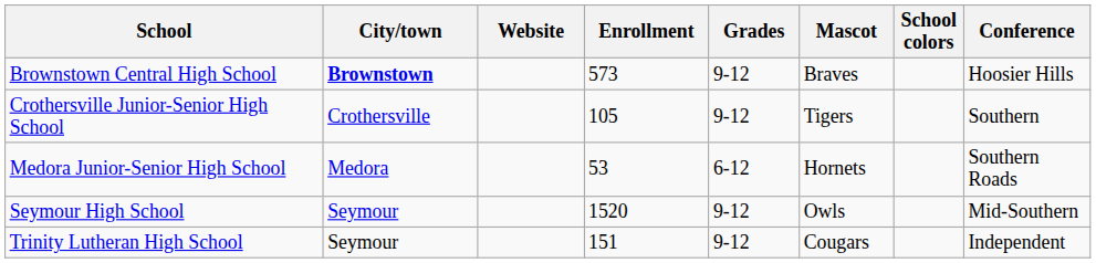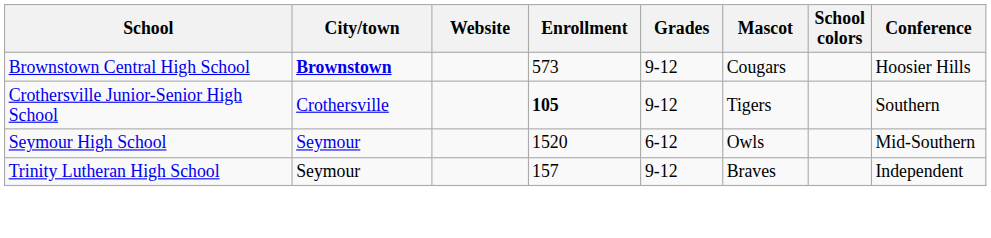 <table class="wikitable sortable" width="70%">
 <tr>
 <th width="20%">School</th>
 <th width="08%">City/town</th>
 <th width="06%">Website</th>
 <th width="04%">Enrollment</th>
 <th width="04%">Grades</th>
 <th width="04%">Mascot</th>
 <th width=01%>School colors</th>
 <th width="04%">Conference</th>
 </tr>
 <tr>
 <td><a href='#'>Brownstown Central High School</a></td>
 <td><strong><a href='#'>Brownstown</a></strong></td>
 <td></td>
 <td>573</td>
 <td>9-12</td>
-<td>Braves</td>
+<td>Cougars</td>
 <td>  </td>
 <td>Hoosier Hills</td>
 </tr>
 <tr>
 <td><a href='#'>Crothersville Junior-Senior High School</a></td>
 <td><a href='#'>Crothersville</a></td>
 <td></td>
-<td>105</td>
+<td><strong>105</strong></td>
 <td>9-12</td>
 <td>Tigers</td>
 <td> </td>
 <td>Southern</td>
 </tr>
 <tr>
-<td><a href='#'>Medora Junior-Senior High School</a></td>
-<td><a href='#'>Medora</a></td>
-<td></td>
-<td>53</td>
-<td>6-12</td>
-<td>Hornets</td>
-<td> </td>
-<td>Southern Roads</td>
-</tr>
-<tr>
 <td><a href='#'>Seymour High School</a></td>
 <td><a href='#'>Seymour</a></td>
 <td></td>
 <td>1520</td>
-<td>9-12</td>
+<td>6-12</td>
 <td>Owls</td>
 <td> </td>
 <td>Mid-Southern</td>
 </tr>
 <tr>
 <td><a href='#'>Trinity Lutheran High School</a></td>
 <td>Seymour</td>
 <td></td>
-<td>151</td>
+<td>157</td>
 <td>9-12</td>
-<td>Cougars</td>
+<td>Braves</td>
 <td> </td>
 <td>Independent</td>
 </tr>
 </table>
